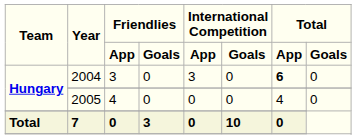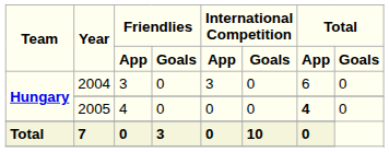 <table border=1 align=center cellpadding=4 cellspacing=2 style="background: ivory; font-size: 95%; border: 1px #aaaaaa solid; border-collapse: collapse; clear:center">
 <tr>
 <th rowspan="2">Team</th>
 <th rowspan="2">Year</th>
 <th colspan="2">Friendlies</th>
 <th colspan="2">International<br>Competition</th>
 <th colspan="2">Total</th>
 </tr>
 <tr>
 <th>App</th>
 <th>Goals</th>
 <th>App</th>
 <th>Goals</th>
 <th>App</th>
 <th>Goals</th>
 </tr>
 <tr>
 <td rowspan="3" align=center valign=center><strong><a href='#'>Hungary</a></strong></td>
 <td>2004</td>
 <td>3</td>
 <td>0</td>
 <td>3</td>
 <td>0</td>
-<td><strong>6</strong></td>
+<td>6</td>
 <td>0</td>
 </tr>
 <tr>
 </tr>
 <tr>
 <td>2005</td>
 <td>4</td>
 <td>0</td>
 <td>0</td>
 <td>0</td>
-<td>4</td>
+<td><strong>4</strong></td>
 <td>0</td>
 </tr>
 <tr>
 </tr>
 <tr>
 <th align=left style="background:beige">Total</th>
 <th align=left style="background:beige">7</th>
 <th align=left style="background:beige">0</th>
 <th align=left style="background:beige">3</th>
 <th align=left style="background:beige">0</th>
 <th align=left style="background:beige">10</th>
 <th align=left style="background:beige">0</th>
 </tr>
 <tr>
 </tr>
 </table>
